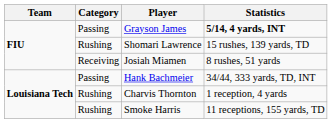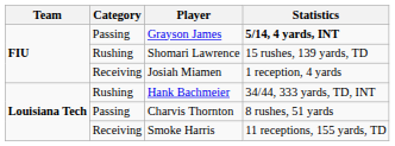 <table class="wikitable" style="float: left;">
 <tr>
 <th>Team</th>
 <th>Category</th>
 <th>Player</th>
 <th>Statistics</th>
 </tr>
 <tr>
 <td rowspan=3><strong>FIU</strong></td>
 <td>Passing</td>
 <td><a href='#'>Grayson James</a></td>
 <td><strong>5/14, 4 yards, INT</strong></td>
 </tr>
 <tr>
 <td>Rushing</td>
 <td>Shomari Lawrence</td>
 <td>15 rushes, 139 yards, TD</td>
 </tr>
 <tr>
 <td>Receiving</td>
 <td>Josiah Miamen</td>
-<td>8 rushes, 51 yards</td>
+<td>1 reception, 4 yards</td>
 </tr>
 <tr>
 <td rowspan=3><strong>Louisiana Tech</strong></td>
-<td>Passing</td>
+<td>Rushing</td>
 <td><a href='#'>Hank Bachmeier</a></td>
 <td>34/44, 333 yards, TD, INT</td>
 </tr>
 <tr>
-<td>Rushing</td>
+<td>Passing</td>
 <td>Charvis Thornton</td>
-<td>1 reception, 4 yards</td>
+<td>8 rushes, 51 yards</td>
 </tr>
 <tr>
-<td>Rushing</td>
+<td>Receiving</td>
 <td>Smoke Harris</td>
 <td>11 receptions, 155 yards, TD</td>
 </tr>
 </table>
